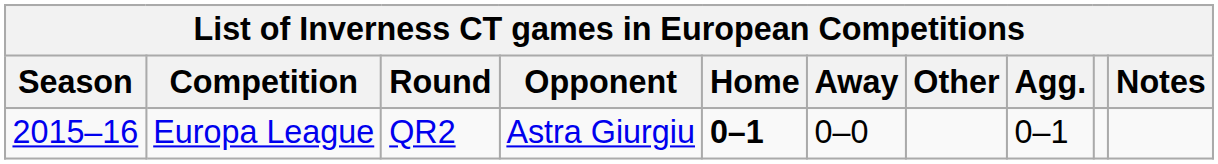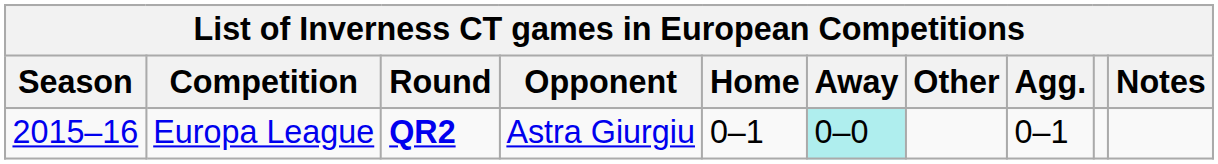 <table class="wikitable">
 <tr>
 <th colspan="10">List of Inverness CT games in European Competitions</th>
 </tr>
 <tr>
 <th>Season</th>
 <th>Competition</th>
 <th>Round</th>
 <th>Opponent</th>
 <th>Home</th>
 <th>Away</th>
 <th>Other</th>
 <th>Agg.</th>
 <th></th>
 <th>Notes</th>
 </tr>
 <tr>
 <td><a href='#'>2015–16</a></td>
 <td><a href='#'>Europa League</a></td>
-<td><a href='#'>QR2</a></td>
+<td><strong><a href='#'>QR2</a></strong></td>
 <td> <a href='#'>Astra Giurgiu</a></td>
-<td><strong>0–1</strong></td>
-<td>0–0</td>
+<td>0–1</td>
+<td style="background: paleturquoise;">0–0</td>
 <td></td>
 <td>0–1</td>
 <td></td>
 <td></td>
 </tr>
 </table>
